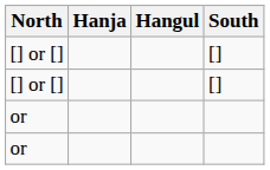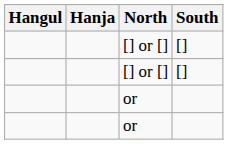 <table class="wikitable">
 <tr>
+<th>Hangul</th>
+<th>Hanja</th>
 <th>North</th>
-<th>Hanja</th>
-<th>Hangul</th>
 <th>South</th>
 </tr>
 <tr>
-<td>[]  or [] </td>
 <td></td>
 <td></td>
+<td>[]  or [] </td>
 <td>[] </td>
 </tr>
 <tr>
-<td>[]  or [] </td>
 <td></td>
 <td></td>
+<td>[]  or [] </td>
 <td>[] </td>
 </tr>
 <tr>
-<td> or </td>
 <td></td>
 <td></td>
+<td> or </td>
 <td></td>
 </tr>
 <tr>
-<td> or </td>
 <td></td>
 <td></td>
+<td> or </td>
 <td></td>
 </tr>
 </table>
